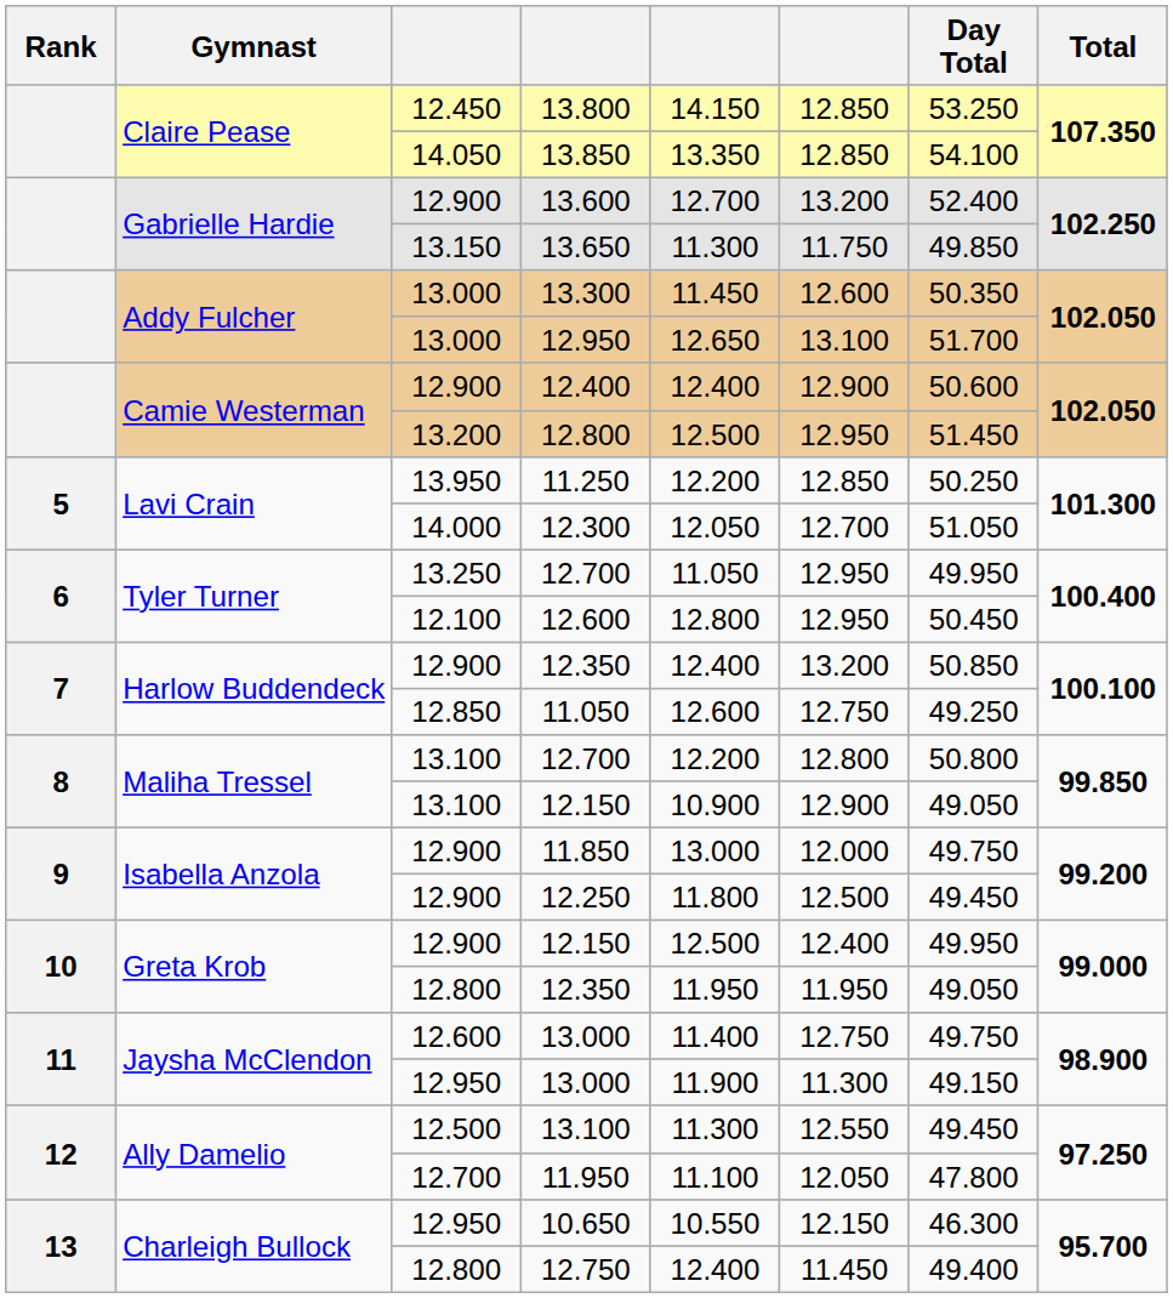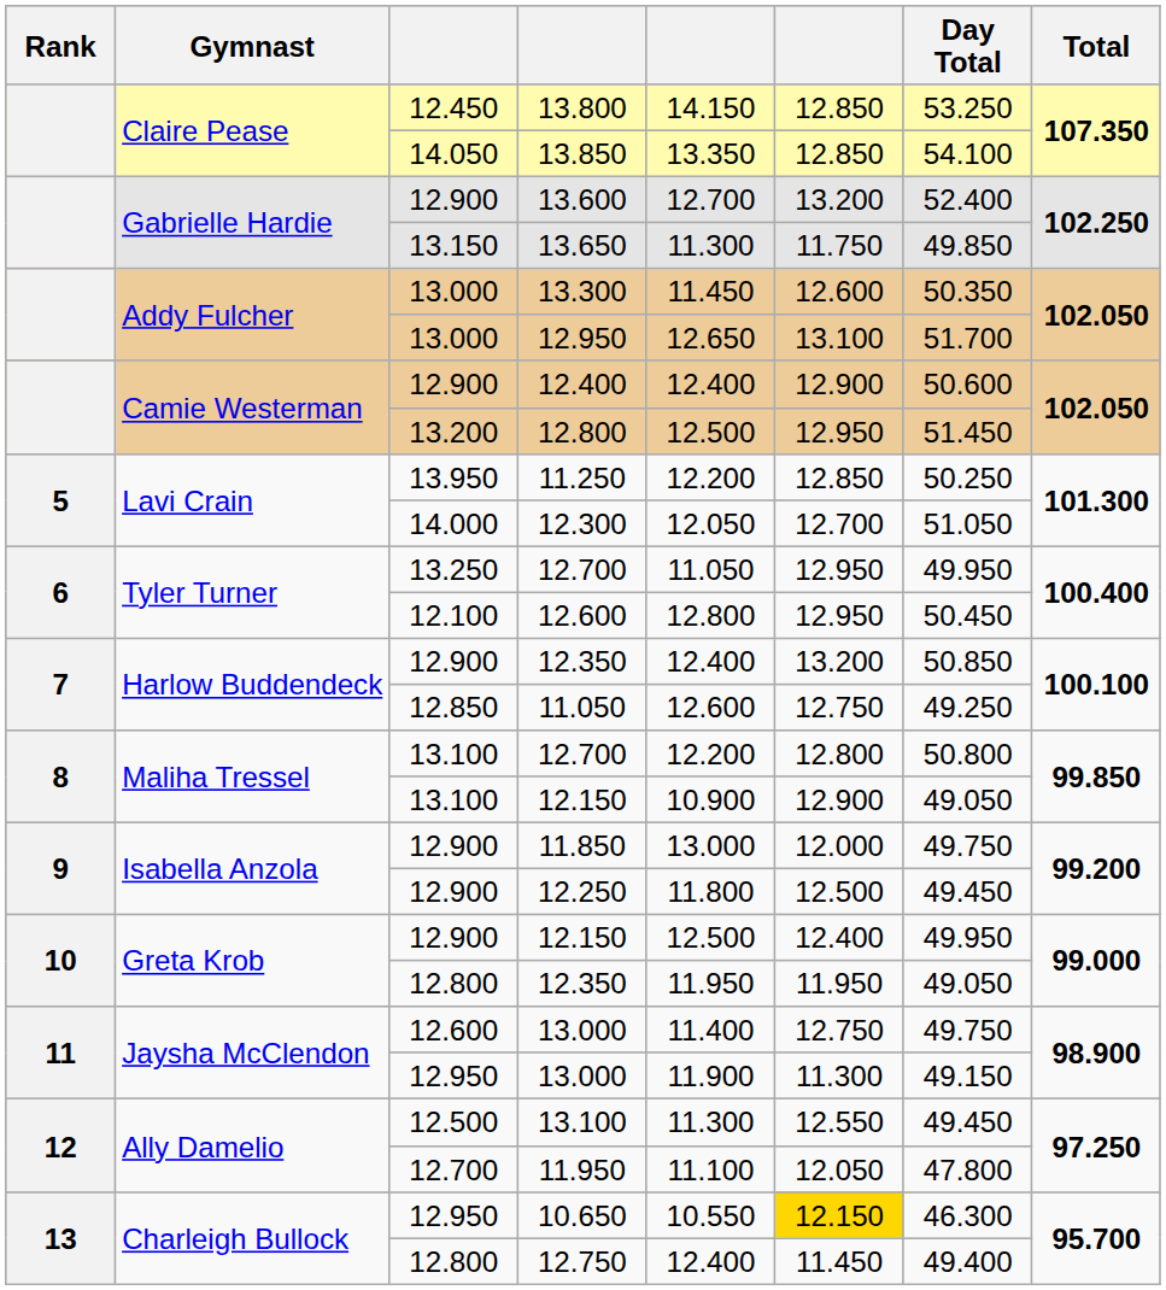 <table class="wikitable sortable" style="text-align:center; font-size:95%">
 <tr>
 <th scope="col" style="width:50px;">Rank</th>
 <th scope="col">Gymnast</th>
 <th scope="col" style="width:60px;"></th>
 <th scope="col" style="width:60px;"></th>
 <th scope="col" style="width:60px;"></th>
 <th scope="col" style="width:60px;"></th>
 <th scope="col" style="width:60px;">Day Total</th>
 <th scope="col" style="width:60px;">Total</th>
 </tr>
 <tr style="background:#fffcaf;">
 <th rowspan="2" scope=row style="text-align:center"></th>
 <td rowspan="2" align=left><a href='#'>Claire Pease</a></td>
 <td>12.450</td>
 <td>13.800</td>
 <td>14.150</td>
 <td>12.850</td>
 <td>53.250</td>
 <td rowspan="2"><strong>107.350</strong></td>
 </tr>
 <tr style="background:#fffcaf;">
 <td>14.050</td>
 <td>13.850</td>
 <td>13.350</td>
 <td>12.850</td>
 <td>54.100</td>
 </tr>
 <tr style="background:#e5e5e5;">
 <th rowspan="2" scope=row style="text-align:center"></th>
 <td rowspan="2" align=left><a href='#'>Gabrielle Hardie</a></td>
 <td>12.900</td>
 <td>13.600</td>
 <td>12.700</td>
 <td>13.200</td>
 <td>52.400</td>
 <td rowspan="2"><strong>102.250</strong></td>
 </tr>
 <tr style="background:#e5e5e5;">
 <td>13.150</td>
 <td>13.650</td>
 <td>11.300</td>
 <td>11.750</td>
 <td>49.850</td>
 </tr>
 <tr style="background:#ec9;">
 <th rowspan="2" scope=row style="text-align:center"></th>
 <td rowspan="2" align=left><a href='#'>Addy Fulcher</a></td>
 <td>13.000</td>
 <td>13.300</td>
 <td>11.450</td>
 <td>12.600</td>
 <td>50.350</td>
 <td rowspan="2"><strong>102.050</strong></td>
 </tr>
 <tr style="background:#ec9;">
 <td>13.000</td>
 <td>12.950</td>
 <td>12.650</td>
 <td>13.100</td>
 <td>51.700</td>
 </tr>
 <tr style="background:#ec9;">
 <th rowspan="2" scope=row style="text-align:center"></th>
 <td rowspan="2" align=left><a href='#'>Camie Westerman</a></td>
 <td>12.900</td>
 <td>12.400</td>
 <td>12.400</td>
 <td>12.900</td>
 <td>50.600</td>
 <td rowspan="2"><strong>102.050</strong></td>
 </tr>
 <tr style="background:#ec9;">
 <td>13.200</td>
 <td>12.800</td>
 <td>12.500</td>
 <td>12.950</td>
 <td>51.450</td>
 </tr>
 <tr>
 <th rowspan="2" scope=row style="text-align:center">5</th>
 <td rowspan="2" align=left><a href='#'>Lavi Crain</a></td>
 <td>13.950</td>
 <td>11.250</td>
 <td>12.200</td>
 <td>12.850</td>
 <td>50.250</td>
 <td rowspan="2"><strong>101.300</strong></td>
 </tr>
 <tr>
 <td>14.000</td>
 <td>12.300</td>
 <td>12.050</td>
 <td>12.700</td>
 <td>51.050</td>
 </tr>
 <tr>
 <th rowspan="2" scope=row style="text-align:center">6</th>
 <td rowspan="2" align=left><a href='#'>Tyler Turner</a></td>
 <td>13.250</td>
 <td>12.700</td>
 <td>11.050</td>
 <td>12.950</td>
 <td>49.950</td>
 <td rowspan="2"><strong>100.400</strong></td>
 </tr>
 <tr>
 <td>12.100</td>
 <td>12.600</td>
 <td>12.800</td>
 <td>12.950</td>
 <td>50.450</td>
 </tr>
 <tr>
 <th rowspan="2" scope=row style="text-align:center">7</th>
 <td rowspan="2" align=left><a href='#'>Harlow Buddendeck</a></td>
 <td>12.900</td>
 <td>12.350</td>
 <td>12.400</td>
 <td>13.200</td>
 <td>50.850</td>
 <td rowspan="2"><strong>100.100</strong></td>
 </tr>
 <tr>
 <td>12.850</td>
 <td>11.050</td>
 <td>12.600</td>
 <td>12.750</td>
 <td>49.250</td>
 </tr>
 <tr>
 <th rowspan="2" scope=row style="text-align:center">8</th>
 <td rowspan="2" align=left><a href='#'>Maliha Tressel</a></td>
 <td>13.100</td>
 <td>12.700</td>
 <td>12.200</td>
 <td>12.800</td>
 <td>50.800</td>
 <td rowspan="2"><strong>99.850</strong></td>
 </tr>
 <tr>
 <td>13.100</td>
 <td>12.150</td>
 <td>10.900</td>
 <td>12.900</td>
 <td>49.050</td>
 </tr>
 <tr>
 <th rowspan="2" scope=row style="text-align:center">9</th>
 <td rowspan="2" align=left><a href='#'>Isabella Anzola</a></td>
 <td>12.900</td>
 <td>11.850</td>
 <td>13.000</td>
 <td>12.000</td>
 <td>49.750</td>
 <td rowspan="2"><strong>99.200</strong></td>
 </tr>
 <tr>
 <td>12.900</td>
 <td>12.250</td>
 <td>11.800</td>
 <td>12.500</td>
 <td>49.450</td>
 </tr>
 <tr>
 <th rowspan="2" scope=row style="text-align:center">10</th>
 <td rowspan="2" align=left><a href='#'>Greta Krob</a></td>
 <td>12.900</td>
 <td>12.150</td>
 <td>12.500</td>
 <td>12.400</td>
 <td>49.950</td>
 <td rowspan="2"><strong>99.000</strong></td>
 </tr>
 <tr>
 <td>12.800</td>
 <td>12.350</td>
 <td>11.950</td>
 <td>11.950</td>
 <td>49.050</td>
 </tr>
 <tr>
 <th rowspan="2" scope=row style="text-align:center">11</th>
 <td rowspan="2" align=left><a href='#'>Jaysha McClendon</a></td>
 <td>12.600</td>
 <td>13.000</td>
 <td>11.400</td>
 <td>12.750</td>
 <td>49.750</td>
 <td rowspan="2"><strong>98.900</strong></td>
 </tr>
 <tr>
 <td>12.950</td>
 <td>13.000</td>
 <td>11.900</td>
 <td>11.300</td>
 <td>49.150</td>
 </tr>
 <tr>
 <th rowspan="2" scope=row style="text-align:center">12</th>
 <td rowspan="2" align=left><a href='#'>Ally Damelio</a></td>
 <td>12.500</td>
 <td>13.100</td>
 <td>11.300</td>
 <td>12.550</td>
 <td>49.450</td>
 <td rowspan="2"><strong>97.250</strong></td>
 </tr>
 <tr>
 <td>12.700</td>
 <td>11.950</td>
 <td>11.100</td>
 <td>12.050</td>
 <td>47.800</td>
 </tr>
 <tr>
 <th rowspan="2" scope=row style="text-align:center">13</th>
 <td rowspan="2" align=left><a href='#'>Charleigh Bullock</a></td>
 <td>12.950</td>
 <td>10.650</td>
 <td>10.550</td>
-<td>12.150</td>
+<td style="background: gold;">12.150</td>
 <td>46.300</td>
 <td rowspan="2"><strong>95.700</strong></td>
 </tr>
 <tr>
 <td>12.800</td>
 <td>12.750</td>
 <td>12.400</td>
 <td>11.450</td>
 <td>49.400</td>
 </tr>
 </table>
